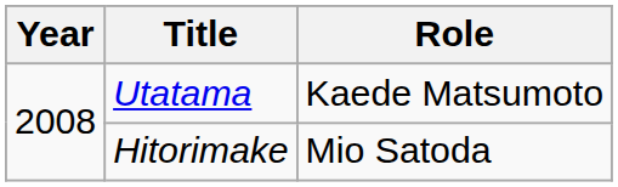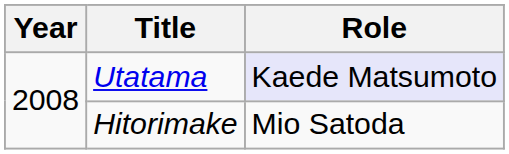 <table class="wikitable">
 <tr>
 <th>Year</th>
 <th>Title</th>
 <th>Role</th>
 </tr>
 <tr>
 <td rowspan="2">2008</td>
 <td><em><a href='#'>Utatama</a></em></td>
-<td>Kaede Matsumoto</td>
+<td style="background: lavender;">Kaede Matsumoto</td>
 </tr>
 <tr>
 <td><em>Hitorimake</em></td>
 <td>Mio Satoda</td>
 </tr>
 </table>
